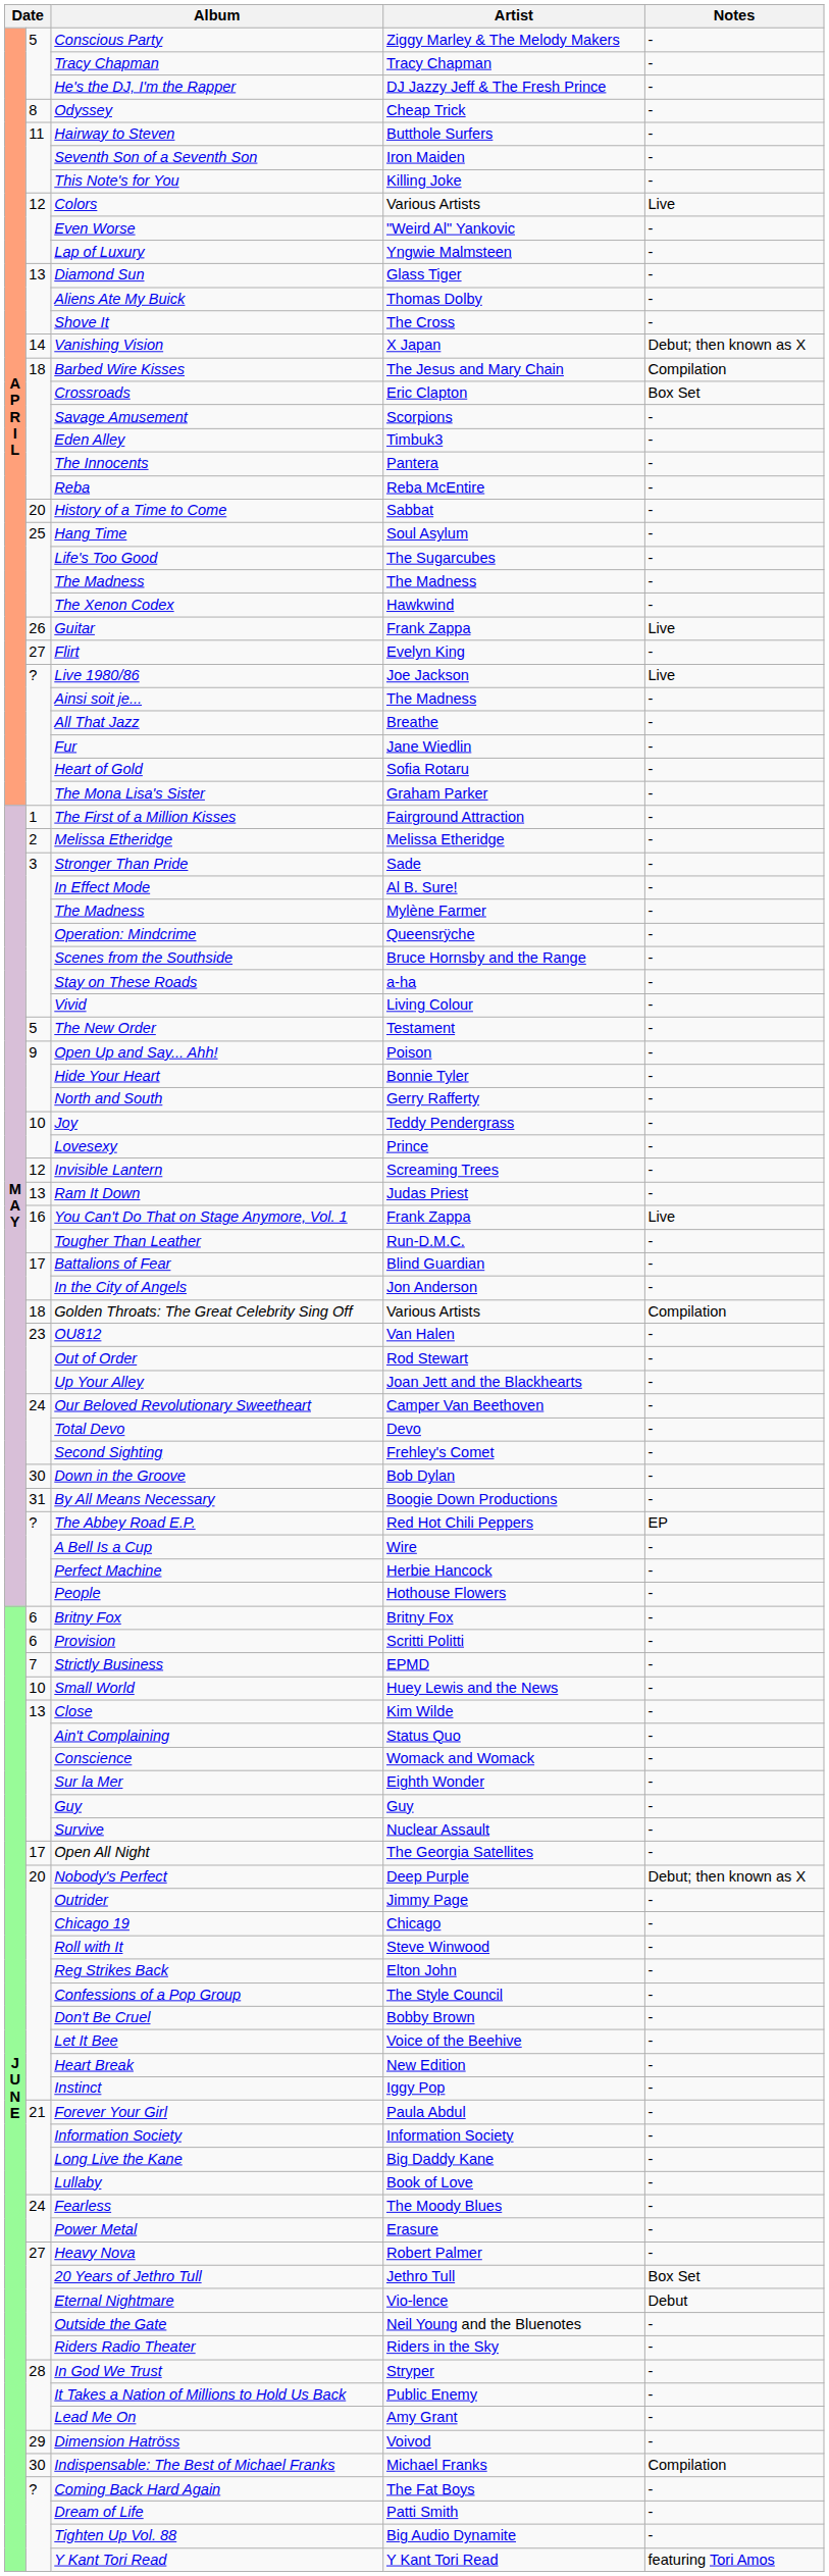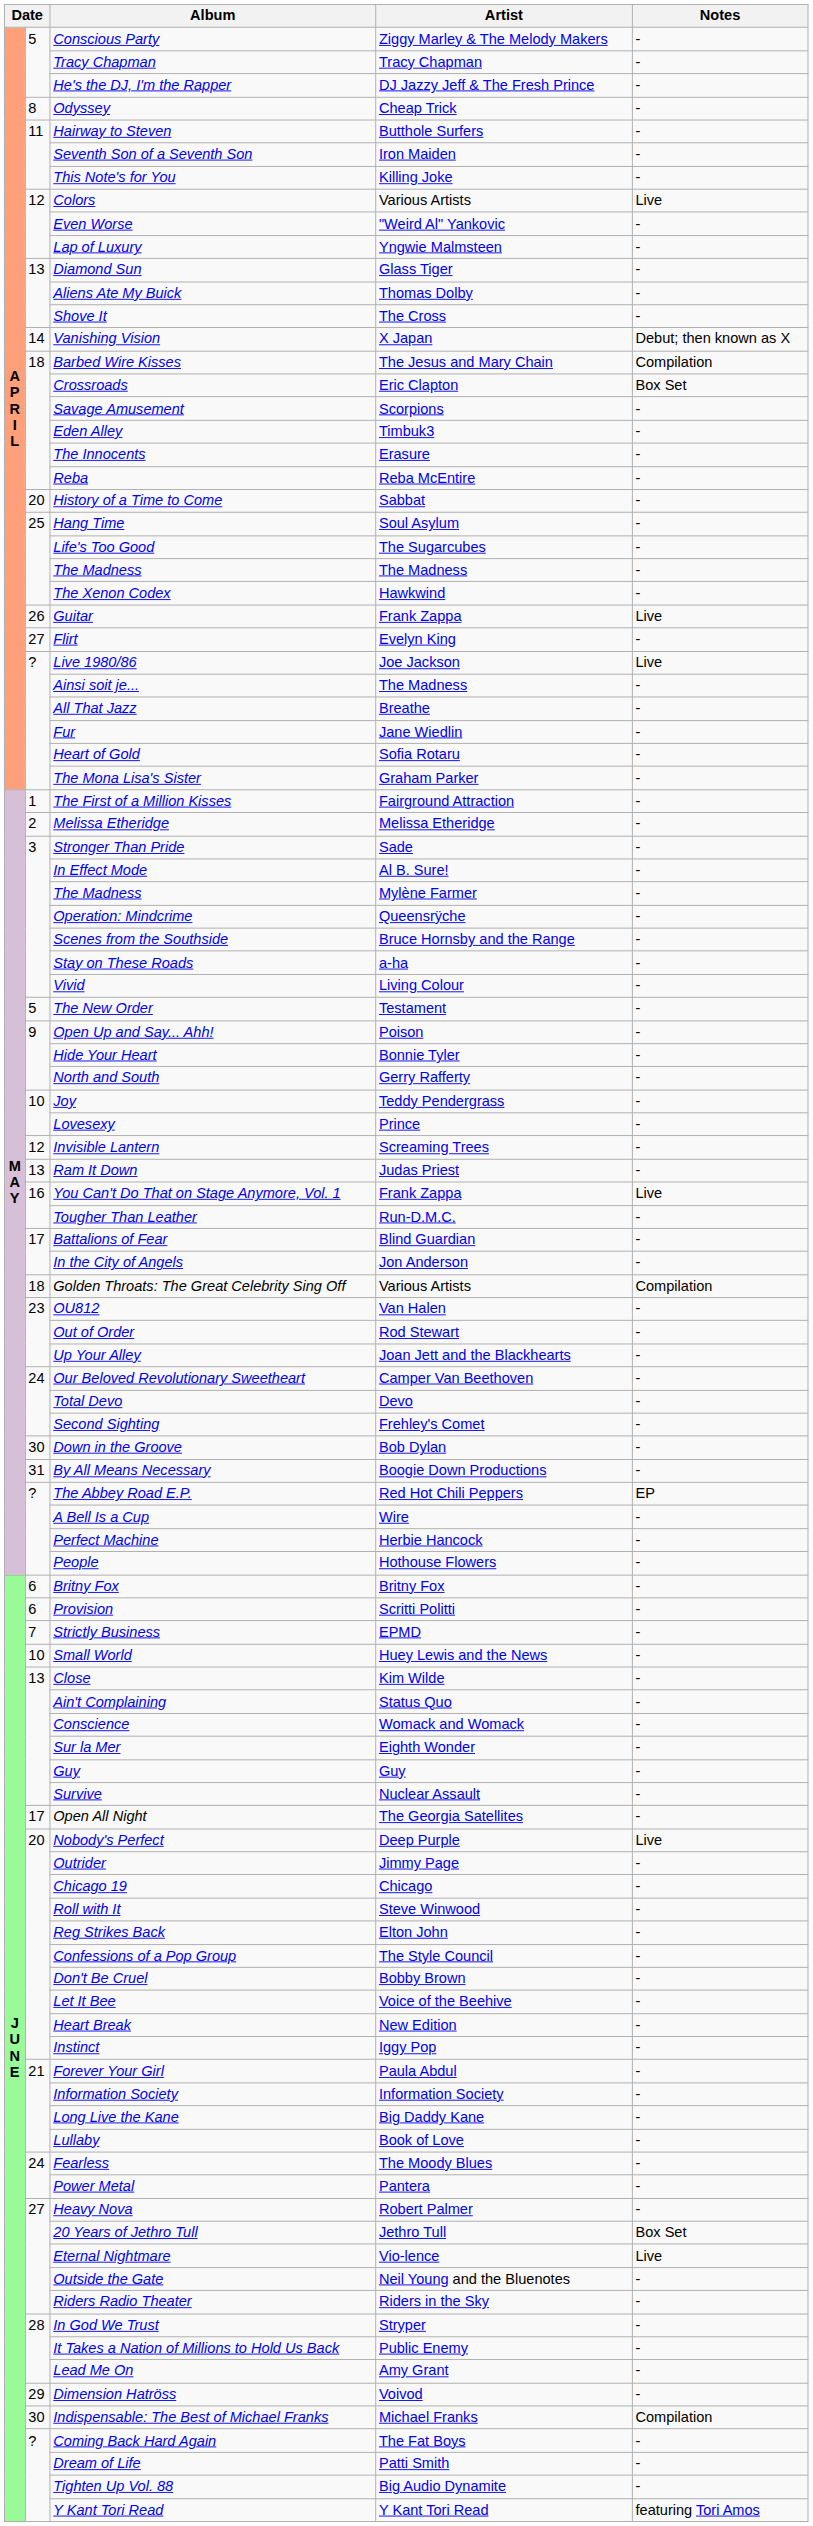 <table class="wikitable" width="100%">
 <tr>
 <th colspan="2">Date</th>
 <th>Album</th>
 <th>Artist</th>
 <th>Notes</th>
 </tr>
 <tr>
 <td rowspan="33" valign="center" align="center" style="background:#FFA07A; textcolor:#000;"><strong>A<br>P<br>R<br>I<br>L</strong></td>
 <td rowspan="3" style="vertical-align:top;">5</td>
 <td><em><a href='#'>Conscious Party</a></em></td>
 <td><a href='#'>Ziggy Marley & The Melody Makers</a></td>
 <td>-</td>
 </tr>
 <tr>
 <td><em><a href='#'>Tracy Chapman</a></em></td>
 <td><a href='#'>Tracy Chapman</a></td>
 <td>-</td>
 </tr>
 <tr>
 <td><em><a href='#'>He's the DJ, I'm the Rapper</a></em></td>
 <td><a href='#'>DJ Jazzy Jeff & The Fresh Prince</a></td>
 <td>-</td>
 </tr>
 <tr>
 <td style="vertical-align:top;">8</td>
 <td><em><a href='#'>Odyssey</a></em></td>
 <td><a href='#'>Cheap Trick</a></td>
 <td>-</td>
 </tr>
 <tr>
 <td rowspan="3" style="vertical-align:top;">11</td>
 <td><em><a href='#'>Hairway to Steven</a></em></td>
 <td><a href='#'>Butthole Surfers</a></td>
 <td>-</td>
 </tr>
 <tr>
 <td><em><a href='#'>Seventh Son of a Seventh Son</a></em></td>
 <td><a href='#'>Iron Maiden</a></td>
 <td>-</td>
 </tr>
 <tr>
 <td><em><a href='#'>This Note's for You</a></em></td>
 <td><a href='#'>Killing Joke</a></td>
 <td>-</td>
 </tr>
 <tr>
 <td rowspan="3" style="vertical-align:top;">12</td>
 <td><em><a href='#'>Colors</a></em></td>
 <td>Various Artists</td>
 <td>Live</td>
 </tr>
 <tr>
 <td><em><a href='#'>Even Worse</a></em></td>
 <td><a href='#'>"Weird Al" Yankovic</a></td>
 <td>-</td>
 </tr>
 <tr>
 <td><em><a href='#'>Lap of Luxury</a></em></td>
 <td><a href='#'>Yngwie Malmsteen</a></td>
 <td>-</td>
 </tr>
 <tr>
 <td rowspan="3" style="vertical-align:top;">13</td>
 <td><em><a href='#'>Diamond Sun</a></em></td>
 <td><a href='#'>Glass Tiger</a></td>
 <td>-</td>
 </tr>
 <tr>
 <td><em><a href='#'>Aliens Ate My Buick</a></em></td>
 <td><a href='#'>Thomas Dolby</a></td>
 <td>-</td>
 </tr>
 <tr>
 <td><em><a href='#'>Shove It</a></em></td>
 <td><a href='#'>The Cross</a></td>
 <td>-</td>
 </tr>
 <tr>
 <td style="vertical-align:top;">14</td>
 <td><em><a href='#'>Vanishing Vision</a></em></td>
 <td><a href='#'>X Japan</a></td>
 <td>Debut; then known as X</td>
 </tr>
 <tr>
 <td rowspan="6" style="vertical-align:top;">18</td>
 <td><em><a href='#'>Barbed Wire Kisses</a></em></td>
 <td><a href='#'>The Jesus and Mary Chain</a></td>
 <td>Compilation</td>
 </tr>
 <tr>
 <td><em><a href='#'>Crossroads</a></em></td>
 <td><a href='#'>Eric Clapton</a></td>
 <td>Box Set</td>
 </tr>
 <tr>
 <td><em><a href='#'>Savage Amusement</a></em></td>
 <td><a href='#'>Scorpions</a></td>
 <td>-</td>
 </tr>
 <tr>
 <td><em><a href='#'>Eden Alley</a></em></td>
 <td><a href='#'>Timbuk3</a></td>
 <td>-</td>
 </tr>
 <tr>
 <td><em><a href='#'>The Innocents</a></em></td>
-<td><a href='#'>Pantera</a></td>
+<td><a href='#'>Erasure</a></td>
 <td>-</td>
 </tr>
 <tr>
 <td><em><a href='#'>Reba</a></em></td>
 <td><a href='#'>Reba McEntire</a></td>
 <td>-</td>
 </tr>
 <tr>
 <td style="vertical-align:top;">20</td>
 <td><em><a href='#'>History of a Time to Come</a></em></td>
 <td><a href='#'>Sabbat</a></td>
 <td>-</td>
 </tr>
 <tr>
 <td rowspan="4" style="vertical-align:top;">25</td>
 <td><em><a href='#'>Hang Time</a></em></td>
 <td><a href='#'>Soul Asylum</a></td>
 <td>-</td>
 </tr>
 <tr>
 <td><em><a href='#'>Life's Too Good</a></em></td>
 <td><a href='#'>The Sugarcubes</a></td>
 <td>-</td>
 </tr>
 <tr>
 <td><em><a href='#'>The Madness</a></em></td>
 <td><a href='#'>The Madness</a></td>
 <td>-</td>
 </tr>
 <tr>
 <td><em><a href='#'>The Xenon Codex</a></em></td>
 <td><a href='#'>Hawkwind</a></td>
 <td>-</td>
 </tr>
 <tr>
 <td style="vertical-align:top;">26</td>
 <td><em><a href='#'>Guitar</a></em></td>
 <td><a href='#'>Frank Zappa</a></td>
 <td>Live</td>
 </tr>
 <tr>
 <td style="vertical-align:top;">27</td>
 <td><em><a href='#'>Flirt</a></em></td>
 <td><a href='#'>Evelyn King</a></td>
 <td>-</td>
 </tr>
 <tr>
 <td rowspan="6" style="vertical-align:top;">?</td>
 <td><em><a href='#'>Live 1980/86</a></em></td>
 <td><a href='#'>Joe Jackson</a></td>
 <td>Live</td>
 </tr>
 <tr>
 <td><em><a href='#'>Ainsi soit je...</a></em></td>
 <td><a href='#'>The Madness</a></td>
 <td>-</td>
 </tr>
 <tr>
 <td><em><a href='#'>All That Jazz</a></em></td>
 <td><a href='#'>Breathe</a></td>
 <td>-</td>
 </tr>
 <tr>
 <td><em><a href='#'>Fur</a></em></td>
 <td><a href='#'>Jane Wiedlin</a></td>
 <td>-</td>
 </tr>
 <tr>
 <td><em><a href='#'>Heart of Gold</a></em></td>
 <td><a href='#'>Sofia Rotaru</a></td>
 <td>-</td>
 </tr>
 <tr>
 <td><em><a href='#'>The Mona Lisa's Sister</a></em></td>
 <td><a href='#'>Graham Parker</a></td>
 <td>-</td>
 </tr>
 <tr>
 <td rowspan="34" valign="center" align="center" style="background:#D8BFD8; textcolor:#000;"><strong>M<br>A<br>Y</strong></td>
 <td style="vertical-align:top;">1</td>
 <td><em><a href='#'>The First of a Million Kisses</a></em></td>
 <td><a href='#'>Fairground Attraction</a></td>
 <td>-</td>
 </tr>
 <tr>
 <td style="vertical-align:top;">2</td>
 <td><em><a href='#'>Melissa Etheridge</a></em></td>
 <td><a href='#'>Melissa Etheridge</a></td>
 <td>-</td>
 </tr>
 <tr>
 <td rowspan="7" style="vertical-align:top;">3</td>
 <td><em><a href='#'>Stronger Than Pride</a></em></td>
 <td><a href='#'>Sade</a></td>
 <td>-</td>
 </tr>
 <tr>
 <td><em><a href='#'>In Effect Mode</a></em></td>
 <td><a href='#'>Al B. Sure!</a></td>
 <td>-</td>
 </tr>
 <tr>
 <td><em><a href='#'>The Madness</a></em></td>
 <td><a href='#'>Mylène Farmer</a></td>
 <td>-</td>
 </tr>
 <tr>
 <td><em><a href='#'>Operation: Mindcrime</a></em></td>
 <td><a href='#'>Queensrÿche</a></td>
 <td>-</td>
 </tr>
 <tr>
 <td><em><a href='#'>Scenes from the Southside</a></em></td>
 <td><a href='#'>Bruce Hornsby and the Range</a></td>
 <td>-</td>
 </tr>
 <tr>
 <td><em><a href='#'>Stay on These Roads</a></em></td>
 <td><a href='#'>a-ha</a></td>
 <td>-</td>
 </tr>
 <tr>
 <td><em><a href='#'>Vivid</a></em></td>
 <td><a href='#'>Living Colour</a></td>
 <td>-</td>
 </tr>
 <tr>
 <td style="vertical-align:top;">5</td>
 <td><em><a href='#'>The New Order</a></em></td>
 <td><a href='#'>Testament</a></td>
 <td>-</td>
 </tr>
 <tr>
 <td rowspan="3" style="vertical-align:top;">9</td>
 <td><em><a href='#'>Open Up and Say... Ahh!</a></em></td>
 <td><a href='#'>Poison</a></td>
 <td>-</td>
 </tr>
 <tr>
 <td><em><a href='#'>Hide Your Heart</a></em></td>
 <td><a href='#'>Bonnie Tyler</a></td>
 <td>-</td>
 </tr>
 <tr>
 <td><em><a href='#'>North and South</a></em></td>
 <td><a href='#'>Gerry Rafferty</a></td>
 <td>-</td>
 </tr>
 <tr>
 <td rowspan="2" style="vertical-align:top;">10</td>
 <td><em><a href='#'>Joy</a></em></td>
 <td><a href='#'>Teddy Pendergrass</a></td>
 <td>-</td>
 </tr>
 <tr>
 <td><em><a href='#'>Lovesexy</a></em></td>
 <td><a href='#'>Prince</a></td>
 <td>-</td>
 </tr>
 <tr>
 <td style="vertical-align:top;">12</td>
 <td><em><a href='#'>Invisible Lantern</a></em></td>
 <td><a href='#'>Screaming Trees</a></td>
 <td>-</td>
 </tr>
 <tr>
 <td style="vertical-align:top;">13</td>
 <td><em><a href='#'>Ram It Down</a></em></td>
 <td><a href='#'>Judas Priest</a></td>
 <td>-</td>
 </tr>
 <tr>
 <td rowspan="2" style="vertical-align:top;">16</td>
 <td><em><a href='#'>You Can't Do That on Stage Anymore, Vol. 1</a></em></td>
 <td><a href='#'>Frank Zappa</a></td>
 <td>Live</td>
 </tr>
 <tr>
 <td><em><a href='#'>Tougher Than Leather</a></em></td>
 <td><a href='#'>Run-D.M.C.</a></td>
 <td>-</td>
 </tr>
 <tr>
 <td rowspan="2" style="vertical-align:top;">17</td>
 <td><em><a href='#'>Battalions of Fear</a></em></td>
 <td><a href='#'>Blind Guardian</a></td>
 <td>-</td>
 </tr>
 <tr>
 <td><em><a href='#'>In the City of Angels</a></em></td>
 <td><a href='#'>Jon Anderson</a></td>
 <td>-</td>
 </tr>
 <tr>
 <td style="vertical-align:top;">18</td>
 <td><em>Golden Throats: The Great Celebrity Sing Off</em></td>
 <td>Various Artists</td>
 <td>Compilation</td>
 </tr>
 <tr>
 <td rowspan="3" style="vertical-align:top;">23</td>
 <td><em><a href='#'>OU812</a></em></td>
 <td><a href='#'>Van Halen</a></td>
 <td>-</td>
 </tr>
 <tr>
 <td><em><a href='#'>Out of Order</a></em></td>
 <td><a href='#'>Rod Stewart</a></td>
 <td>-</td>
 </tr>
 <tr>
 <td><em><a href='#'>Up Your Alley</a></em></td>
 <td><a href='#'>Joan Jett and the Blackhearts</a></td>
 <td>-</td>
 </tr>
 <tr>
 <td rowspan="3" style="vertical-align:top;">24</td>
 <td><em><a href='#'>Our Beloved Revolutionary Sweetheart</a></em></td>
 <td><a href='#'>Camper Van Beethoven</a></td>
 <td>-</td>
 </tr>
 <tr>
 <td><em><a href='#'>Total Devo</a></em></td>
 <td><a href='#'>Devo</a></td>
 <td>-</td>
 </tr>
 <tr>
 <td><em><a href='#'>Second Sighting</a></em></td>
 <td><a href='#'>Frehley's Comet</a></td>
 <td>-</td>
 </tr>
 <tr>
 <td style="vertical-align:top;">30</td>
 <td><em><a href='#'>Down in the Groove</a></em></td>
 <td><a href='#'>Bob Dylan</a></td>
 <td>-</td>
 </tr>
 <tr>
 <td style="vertical-align:top;">31</td>
 <td><em><a href='#'>By All Means Necessary</a></em></td>
 <td><a href='#'>Boogie Down Productions</a></td>
 <td>-</td>
 </tr>
 <tr>
 <td rowspan="4" style="vertical-align:top;">?</td>
 <td><em><a href='#'>The Abbey Road E.P.</a></em></td>
 <td><a href='#'>Red Hot Chili Peppers</a></td>
 <td>EP</td>
 </tr>
 <tr>
 <td><em><a href='#'>A Bell Is a Cup</a></em></td>
 <td><a href='#'>Wire</a></td>
 <td>-</td>
 </tr>
 <tr>
 <td><em><a href='#'>Perfect Machine</a></em></td>
 <td><a href='#'>Herbie Hancock</a></td>
 <td>-</td>
 </tr>
 <tr>
 <td><em><a href='#'>People</a></em></td>
 <td><a href='#'>Hothouse Flowers</a></td>
 <td>-</td>
 </tr>
 <tr>
 <td rowspan="41" valign="center" align="center" style="background:#98FB98; textcolor:#000;"><strong>J<br>U<br>N<br>E</strong></td>
 <td rowspan="1" style="vertical-align:top;">6</td>
 <td><em><a href='#'>Britny Fox</a></em></td>
 <td><a href='#'>Britny Fox</a></td>
 <td>-</td>
 </tr>
 <tr>
 <td style="vertical-align:top;">6</td>
 <td><em><a href='#'>Provision</a></em></td>
 <td><a href='#'>Scritti Politti</a></td>
 <td>-</td>
 </tr>
 <tr>
 <td style="vertical-align:top;">7</td>
 <td><em><a href='#'>Strictly Business</a></em></td>
 <td><a href='#'>EPMD</a></td>
 <td>-</td>
 </tr>
 <tr>
 <td style="vertical-align:top;">10</td>
 <td><em><a href='#'>Small World</a></em></td>
 <td><a href='#'>Huey Lewis and the News</a></td>
 <td>-</td>
 </tr>
 <tr>
 <td rowspan="6" style="vertical-align:top;">13</td>
 <td><em><a href='#'>Close</a></em></td>
 <td><a href='#'>Kim Wilde</a></td>
 <td>-</td>
 </tr>
 <tr>
 <td><em><a href='#'>Ain't Complaining</a></em></td>
 <td><a href='#'>Status Quo</a></td>
 <td>-</td>
 </tr>
 <tr>
 <td><em><a href='#'>Conscience</a></em></td>
 <td><a href='#'>Womack and Womack</a></td>
 <td>-</td>
 </tr>
 <tr>
 <td><em><a href='#'>Sur la Mer</a></em></td>
 <td><a href='#'>Eighth Wonder</a></td>
 <td>-</td>
 </tr>
 <tr>
 <td><em><a href='#'>Guy</a></em></td>
 <td><a href='#'>Guy</a></td>
 <td>-</td>
 </tr>
 <tr>
 <td><em><a href='#'>Survive</a></em></td>
 <td><a href='#'>Nuclear Assault</a></td>
 <td>-</td>
 </tr>
 <tr>
 <td style="vertical-align:top;">17</td>
 <td><em>Open All Night</em></td>
 <td><a href='#'>The Georgia Satellites</a></td>
 <td>-</td>
 </tr>
 <tr>
 <td rowspan="10" style="vertical-align:top;">20</td>
 <td><em><a href='#'>Nobody's Perfect</a></em></td>
 <td><a href='#'>Deep Purple</a></td>
-<td>Debut; then known as X</td>
+<td>Live</td>
 </tr>
 <tr>
 <td><em><a href='#'>Outrider</a></em></td>
 <td><a href='#'>Jimmy Page</a></td>
 <td>-</td>
 </tr>
 <tr>
 <td><em><a href='#'>Chicago 19</a></em></td>
 <td><a href='#'>Chicago</a></td>
 <td>-</td>
 </tr>
 <tr>
 <td><em><a href='#'>Roll with It</a></em></td>
 <td><a href='#'>Steve Winwood</a></td>
 <td>-</td>
 </tr>
 <tr>
 <td><em><a href='#'>Reg Strikes Back</a></em></td>
 <td><a href='#'>Elton John</a></td>
 <td>-</td>
 </tr>
 <tr>
 <td><em><a href='#'>Confessions of a Pop Group</a></em></td>
 <td><a href='#'>The Style Council</a></td>
 <td>-</td>
 </tr>
 <tr>
 <td><em><a href='#'>Don't Be Cruel</a></em></td>
 <td><a href='#'>Bobby Brown</a></td>
 <td>-</td>
 </tr>
 <tr>
 <td><em><a href='#'>Let It Bee</a></em></td>
 <td><a href='#'>Voice of the Beehive</a></td>
 <td>-</td>
 </tr>
 <tr>
 <td><em><a href='#'>Heart Break</a></em></td>
 <td><a href='#'>New Edition</a></td>
 <td>-</td>
 </tr>
 <tr>
 <td><em><a href='#'>Instinct</a></em></td>
 <td><a href='#'>Iggy Pop</a></td>
 <td>-</td>
 </tr>
 <tr>
 <td rowspan="4" style="vertical-align:top;">21</td>
 <td><em><a href='#'>Forever Your Girl</a></em></td>
 <td><a href='#'>Paula Abdul</a></td>
 <td>-</td>
 </tr>
 <tr>
 <td><em><a href='#'>Information Society</a></em></td>
 <td><a href='#'>Information Society</a></td>
 <td>-</td>
 </tr>
 <tr>
 <td><em><a href='#'>Long Live the Kane</a></em></td>
 <td><a href='#'>Big Daddy Kane</a></td>
 <td>-</td>
 </tr>
 <tr>
 <td><em><a href='#'>Lullaby</a></em></td>
 <td><a href='#'>Book of Love</a></td>
 <td>-</td>
 </tr>
 <tr>
 <td rowspan="2" style="vertical-align:top;">24</td>
 <td><em><a href='#'>Fearless</a></em></td>
 <td><a href='#'>The Moody Blues</a></td>
 <td>-</td>
 </tr>
 <tr>
 <td><em><a href='#'>Power Metal</a></em></td>
-<td><a href='#'>Erasure</a></td>
+<td><a href='#'>Pantera</a></td>
 <td>-</td>
 </tr>
 <tr>
 <td rowspan="5" style="vertical-align:top;">27</td>
 <td><em><a href='#'>Heavy Nova</a></em></td>
 <td><a href='#'>Robert Palmer</a></td>
 <td>-</td>
 </tr>
 <tr>
 <td><em><a href='#'>20 Years of Jethro Tull</a></em></td>
 <td><a href='#'>Jethro Tull</a></td>
 <td>Box Set</td>
 </tr>
 <tr>
 <td><em><a href='#'>Eternal Nightmare</a></em></td>
 <td><a href='#'>Vio-lence</a></td>
-<td>Debut</td>
+<td>Live</td>
 </tr>
 <tr>
 <td><em><a href='#'>Outside the Gate</a></em></td>
 <td><a href='#'>Neil Young</a> and the Bluenotes</td>
 <td>-</td>
 </tr>
 <tr>
 <td><em><a href='#'>Riders Radio Theater</a></em></td>
 <td><a href='#'>Riders in the Sky</a></td>
 <td>-</td>
 </tr>
 <tr>
 <td rowspan="3" style="vertical-align:top;">28</td>
 <td><em><a href='#'>In God We Trust</a></em></td>
 <td><a href='#'>Stryper</a></td>
 <td>-</td>
 </tr>
 <tr>
 <td><em><a href='#'>It Takes a Nation of Millions to Hold Us Back</a></em></td>
 <td><a href='#'>Public Enemy</a></td>
 <td>-</td>
 </tr>
 <tr>
 <td><em><a href='#'>Lead Me On</a></em></td>
 <td><a href='#'>Amy Grant</a></td>
 <td>-</td>
 </tr>
 <tr>
 <td style="vertical-align:top;">29</td>
 <td><em><a href='#'>Dimension Hatröss</a></em></td>
 <td><a href='#'>Voivod</a></td>
 <td>-</td>
 </tr>
 <tr>
 <td style="vertical-align:top;">30</td>
 <td><em><a href='#'>Indispensable: The Best of Michael Franks</a></em></td>
 <td><a href='#'>Michael Franks</a></td>
 <td>Compilation</td>
 </tr>
 <tr>
 <td rowspan="4" style="vertical-align:top;">?</td>
 <td><em><a href='#'>Coming Back Hard Again</a></em></td>
 <td><a href='#'>The Fat Boys</a></td>
 <td>-</td>
 </tr>
 <tr>
 <td><em><a href='#'>Dream of Life</a></em></td>
 <td><a href='#'>Patti Smith</a></td>
 <td>-</td>
 </tr>
 <tr>
 <td><em><a href='#'>Tighten Up Vol. 88</a></em></td>
 <td><a href='#'>Big Audio Dynamite</a></td>
 <td>-</td>
 </tr>
 <tr>
 <td><em><a href='#'>Y Kant Tori Read</a></em></td>
 <td><a href='#'>Y Kant Tori Read</a></td>
 <td>featuring <a href='#'>Tori Amos</a></td>
 </tr>
 </table>
